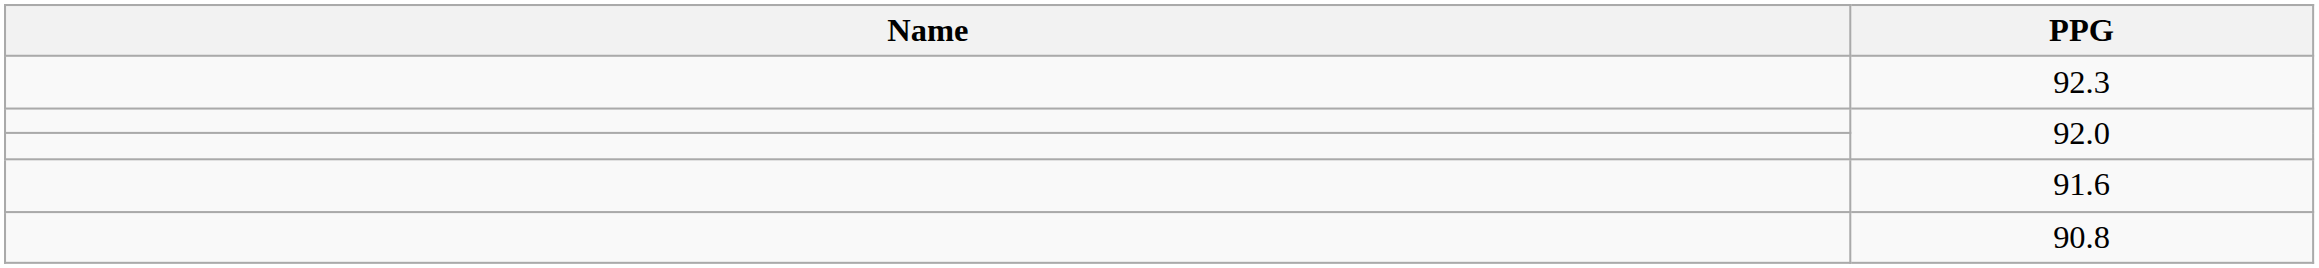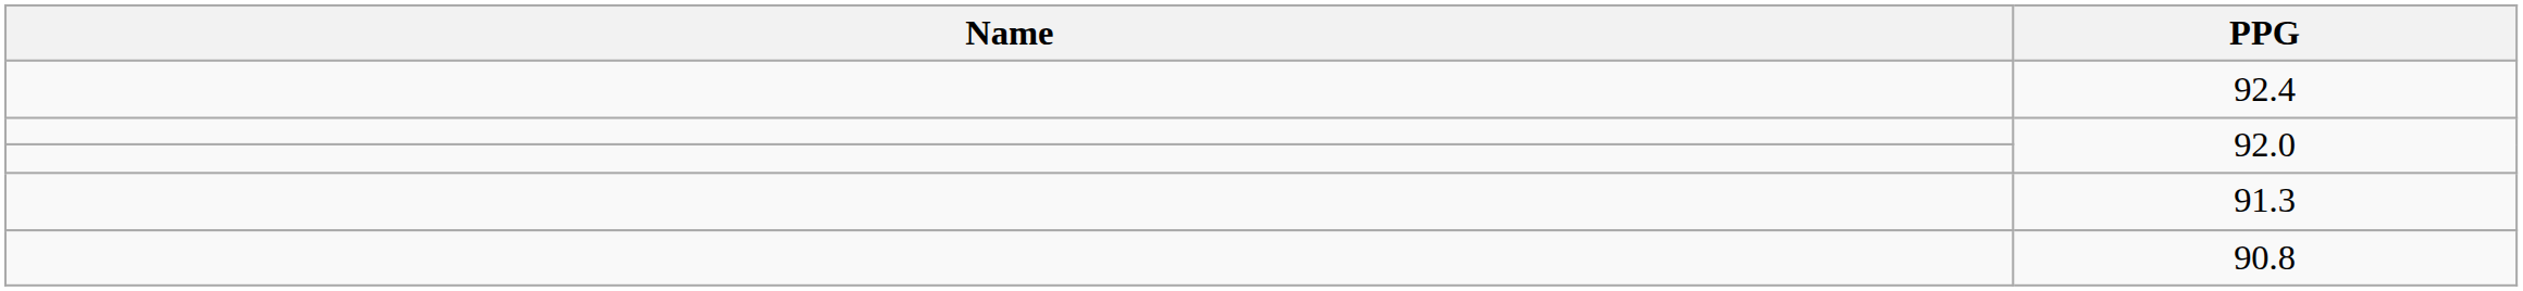 <table class=wikitable width="90%">
 <tr>
 <th width="80%">Name</th>
 <th width="20%">PPG</th>
 </tr>
 <tr>
 <td></td>
-<td align=center>92.3</td>
+<td align=center>92.4</td>
 </tr>
 <tr>
 <td></td>
 <td align=center rowspan=2>92.0</td>
 </tr>
 <tr>
 <td></td>
 </tr>
 <tr>
 <td></td>
-<td align=center>91.6</td>
+<td align=center>91.3</td>
 </tr>
 <tr>
 <td></td>
 <td align=center>90.8</td>
 </tr>
 </table>
